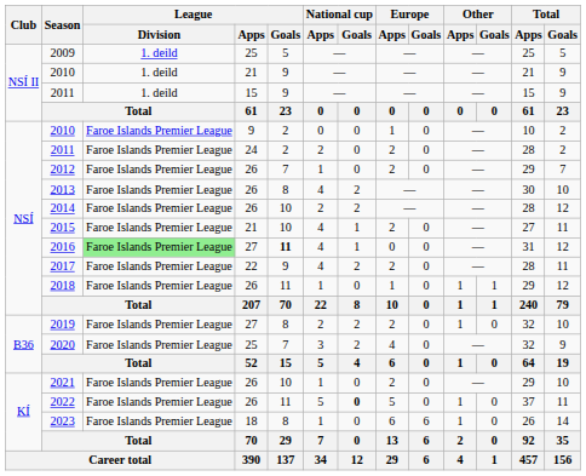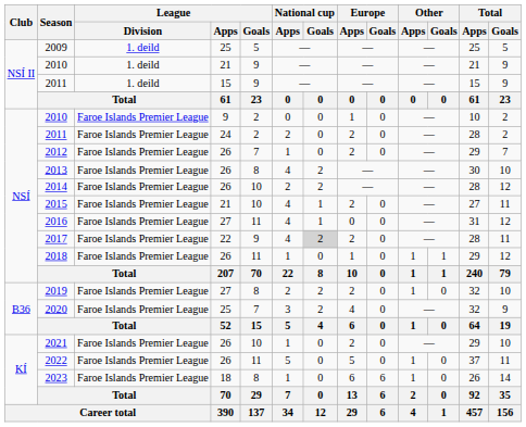 <table class="wikitable" style="text-align:center">
 <tr>
 <th rowspan="2">Club</th>
 <th rowspan="2">Season</th>
 <th colspan="3">League</th>
 <th colspan="2">National cup</th>
 <th colspan="2">Europe</th>
 <th colspan="2">Other</th>
 <th colspan="2">Total</th>
 </tr>
 <tr>
 <th>Division</th>
 <th>Apps</th>
 <th>Goals</th>
 <th>Apps</th>
 <th>Goals</th>
 <th>Apps</th>
 <th>Goals</th>
 <th>Apps</th>
 <th>Goals</th>
 <th>Apps</th>
 <th>Goals</th>
 </tr>
 <tr>
 <td rowspan="4"><a href='#'>NSÍ II</a></td>
 <td>2009</td>
 <td><a href='#'>1. deild</a></td>
 <td>25</td>
 <td>5</td>
 <td colspan="2">—</td>
 <td colspan="2">—</td>
 <td colspan="2">—</td>
 <td>25</td>
 <td>5</td>
 </tr>
 <tr>
 <td>2010</td>
 <td>1. deild</td>
 <td>21</td>
 <td>9</td>
 <td colspan="2">—</td>
 <td colspan="2">—</td>
 <td colspan="2">—</td>
 <td>21</td>
 <td>9</td>
 </tr>
 <tr>
 <td>2011</td>
 <td>1. deild</td>
 <td>15</td>
 <td>9</td>
 <td colspan="2">—</td>
 <td colspan="2">—</td>
 <td colspan="2">—</td>
 <td>15</td>
 <td>9</td>
 </tr>
 <tr>
 <th colspan="2">Total</th>
 <th>61</th>
 <th>23</th>
 <th>0</th>
 <th>0</th>
 <th>0</th>
 <th>0</th>
 <th>0</th>
 <th>0</th>
 <th>61</th>
 <th>23</th>
 </tr>
 <tr>
 <td rowspan="10"><a href='#'>NSÍ</a></td>
 <td><a href='#'>2010</a></td>
 <td><a href='#'>Faroe Islands Premier League</a></td>
 <td>9</td>
 <td>2</td>
 <td>0</td>
 <td>0</td>
 <td>1</td>
 <td>0</td>
 <td colspan="2">—</td>
 <td>10</td>
 <td>2</td>
 </tr>
 <tr>
 <td><a href='#'>2011</a></td>
 <td>Faroe Islands Premier League</td>
 <td>24</td>
 <td>2</td>
 <td>2</td>
 <td>0</td>
 <td>2</td>
 <td>0</td>
 <td colspan="2">—</td>
 <td>28</td>
 <td>2</td>
 </tr>
 <tr>
 <td><a href='#'>2012</a></td>
 <td>Faroe Islands Premier League</td>
 <td>26</td>
 <td>7</td>
 <td>1</td>
 <td>0</td>
 <td>2</td>
 <td>0</td>
 <td colspan="2">—</td>
 <td>29</td>
 <td>7</td>
 </tr>
 <tr>
 <td><a href='#'>2013</a></td>
 <td>Faroe Islands Premier League</td>
 <td>26</td>
 <td>8</td>
 <td>4</td>
 <td>2</td>
 <td colspan="2">—</td>
 <td colspan="2">—</td>
 <td>30</td>
 <td>10</td>
 </tr>
 <tr>
 <td><a href='#'>2014</a></td>
 <td>Faroe Islands Premier League</td>
 <td>26</td>
 <td>10</td>
 <td>2</td>
 <td>2</td>
 <td colspan="2">—</td>
 <td colspan="2">—</td>
 <td>28</td>
 <td>12</td>
 </tr>
 <tr>
 <td><a href='#'>2015</a></td>
 <td>Faroe Islands Premier League</td>
 <td>21</td>
 <td>10</td>
 <td>4</td>
 <td>1</td>
 <td>2</td>
 <td>0</td>
 <td colspan="2">—</td>
 <td>27</td>
 <td>11</td>
 </tr>
 <tr>
 <td><a href='#'>2016</a></td>
-<td style="background: lightgreen;">Faroe Islands Premier League</td>
+<td>Faroe Islands Premier League</td>
 <td>27</td>
-<td><strong>11</strong></td>
+<td>11</td>
 <td>4</td>
 <td>1</td>
 <td>0</td>
 <td>0</td>
 <td colspan="2">—</td>
 <td>31</td>
 <td>12</td>
 </tr>
 <tr>
 <td><a href='#'>2017</a></td>
 <td>Faroe Islands Premier League</td>
 <td>22</td>
 <td>9</td>
 <td>4</td>
-<td>2</td>
+<td style="background: lightgrey;">2</td>
 <td>2</td>
 <td>0</td>
 <td colspan="2">—</td>
 <td>28</td>
 <td>11</td>
 </tr>
 <tr>
 <td><a href='#'>2018</a></td>
 <td>Faroe Islands Premier League</td>
 <td>26</td>
 <td>11</td>
 <td>1</td>
 <td>0</td>
 <td>1</td>
 <td>0</td>
 <td>1</td>
 <td>1</td>
 <td>29</td>
 <td>12</td>
 </tr>
 <tr>
 <th colspan="2">Total</th>
 <th>207</th>
 <th>70</th>
 <th>22</th>
 <th>8</th>
 <th>10</th>
 <th>0</th>
 <th>1</th>
 <th>1</th>
 <th>240</th>
 <th>79</th>
 </tr>
 <tr>
 <td rowspan="3"><a href='#'>B36</a></td>
 <td><a href='#'>2019</a></td>
 <td>Faroe Islands Premier League</td>
 <td>27</td>
 <td>8</td>
 <td>2</td>
 <td>2</td>
 <td>2</td>
 <td>0</td>
 <td>1</td>
 <td>0</td>
 <td>32</td>
 <td>10</td>
 </tr>
 <tr>
 <td><a href='#'>2020</a></td>
 <td>Faroe Islands Premier League</td>
 <td>25</td>
 <td>7</td>
 <td>3</td>
 <td>2</td>
 <td>4</td>
 <td>0</td>
 <td colspan="2">—</td>
 <td>32</td>
 <td>9</td>
 </tr>
 <tr>
 <th colspan="2">Total</th>
 <th>52</th>
 <th>15</th>
 <th>5</th>
 <th>4</th>
 <th>6</th>
 <th>0</th>
 <th>1</th>
 <th>0</th>
 <th>64</th>
 <th>19</th>
 </tr>
 <tr>
 <td rowspan="4"><a href='#'>KÍ</a></td>
 <td><a href='#'>2021</a></td>
 <td>Faroe Islands Premier League</td>
 <td>26</td>
 <td>10</td>
 <td>1</td>
 <td>0</td>
 <td>2</td>
 <td>0</td>
 <td colspan="2">—</td>
 <td>29</td>
 <td>10</td>
 </tr>
 <tr>
 <td><a href='#'>2022</a></td>
 <td>Faroe Islands Premier League</td>
 <td>26</td>
 <td>11</td>
 <td>5</td>
-<td><strong>0</strong></td>
+<td>0</td>
 <td>5</td>
 <td>0</td>
 <td>1</td>
 <td>0</td>
 <td>37</td>
 <td>11</td>
 </tr>
 <tr>
 <td><a href='#'>2023</a></td>
 <td>Faroe Islands Premier League</td>
 <td>18</td>
 <td>8</td>
 <td>1</td>
 <td>0</td>
 <td>6</td>
 <td>6</td>
 <td>1</td>
 <td>0</td>
 <td>26</td>
 <td>14</td>
 </tr>
 <tr>
 <th colspan="2">Total</th>
 <th>70</th>
 <th>29</th>
 <th>7</th>
 <th>0</th>
 <th>13</th>
 <th>6</th>
 <th>2</th>
 <th>0</th>
 <th>92</th>
 <th>35</th>
 </tr>
 <tr>
 <th colspan="3">Career total</th>
 <th>390</th>
 <th>137</th>
 <th>34</th>
 <th>12</th>
 <th>29</th>
 <th>6</th>
 <th>4</th>
 <th>1</th>
 <th>457</th>
 <th>156</th>
 </tr>
 </table>
